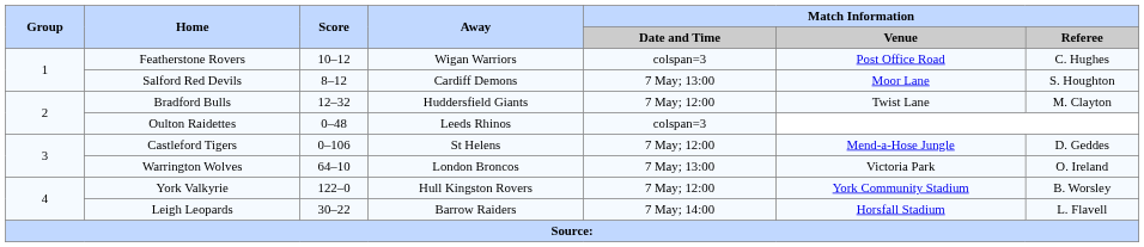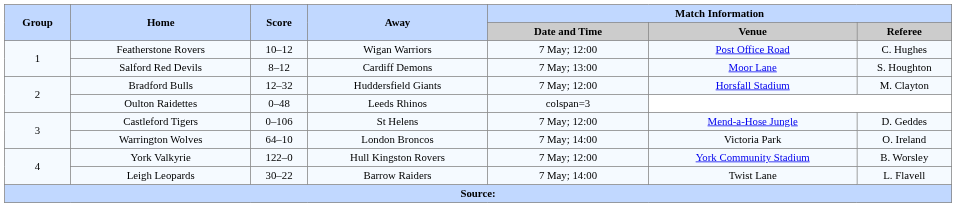 <table border=1 style="border-collapse:collapse; font-size:90%; text-align:center"; cellpadding=3 cellspacing=0 width=100%>
 <tr bgcolor="#c1d8ff">
 <th rowspan=2 width=7%>Group</th>
 <th rowspan=2 width=19%>Home</th>
 <th rowspan=2 width=6%>Score</th>
 <th rowspan=2 width=19%>Away</th>
 <th colspan=3>Match Information</th>
 </tr>
 <tr bgcolor="#cccccc">
 <th width=17%>Date and Time</th>
 <th width=22%>Venue</th>
 <th width=10%>Referee</th>
 </tr>
 <tr bgcolor=#f5faff>
 <td rowspan=2>1</td>
 <td>Featherstone Rovers</td>
 <td>10–12</td>
 <td>Wigan Warriors</td>
-<td>colspan=3 </td>
+<td>7 May; 12:00</td>
 <td><a href='#'>Post Office Road</a></td>
 <td>C. Hughes</td>
 </tr>
 <tr bgcolor=#f5faff>
 <td>Salford Red Devils</td>
 <td>8–12</td>
 <td>Cardiff Demons</td>
 <td>7 May; 13:00</td>
 <td><a href='#'>Moor Lane</a></td>
 <td>S. Houghton</td>
 </tr>
 <tr bgcolor=#f5faff>
 <td rowspan=2>2</td>
 <td>Bradford Bulls</td>
 <td>12–32</td>
 <td>Huddersfield Giants</td>
 <td>7 May; 12:00</td>
-<td>Twist Lane</td>
+<td><a href='#'>Horsfall Stadium</a></td>
 <td>M. Clayton</td>
 </tr>
 <tr bgcolor=#f5faff>
 <td>Oulton Raidettes</td>
 <td>0–48</td>
 <td>Leeds Rhinos</td>
 <td>colspan=3 </td>
 </tr>
 <tr bgcolor=#f5faff>
 <td rowspan=2>3</td>
 <td>Castleford Tigers</td>
 <td>0–106</td>
 <td>St Helens</td>
 <td>7 May; 12:00</td>
 <td><a href='#'>Mend-a-Hose Jungle</a></td>
 <td>D. Geddes</td>
 </tr>
 <tr bgcolor=#f5faff>
 <td>Warrington Wolves</td>
 <td>64–10</td>
 <td>London Broncos</td>
-<td>7 May; 13:00</td>
+<td>7 May; 14:00</td>
 <td>Victoria Park</td>
 <td>O. Ireland</td>
 </tr>
 <tr bgcolor=#f5faff>
 <td rowspan=2>4</td>
 <td>York Valkyrie</td>
 <td>122–0</td>
 <td>Hull Kingston Rovers</td>
 <td>7 May; 12:00</td>
 <td><a href='#'>York Community Stadium</a></td>
 <td>B. Worsley</td>
 </tr>
 <tr bgcolor=#f5faff>
 <td>Leigh Leopards</td>
 <td>30–22</td>
 <td>Barrow Raiders</td>
 <td>7 May; 14:00</td>
-<td><a href='#'>Horsfall Stadium</a></td>
+<td>Twist Lane</td>
 <td>L. Flavell</td>
 </tr>
 <tr bgcolor=#c1d8ff>
 <th colspan=7>Source:</th>
 </tr>
 </table>
